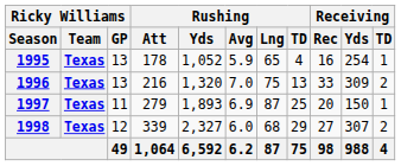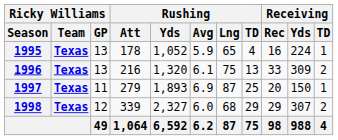 <table class="wikitable" style="text-align:center;">
 <tr>
 <th colspan="3">Ricky Williams</th>
 <th colspan="5">Rushing</th>
 <th colspan="3">Receiving</th>
 </tr>
 <tr>
 <th>Season</th>
 <th>Team</th>
 <th>GP</th>
 <th>Att</th>
 <th>Yds</th>
 <th>Avg</th>
 <th>Lng</th>
 <th>TD</th>
 <th>Rec</th>
 <th>Yds</th>
 <th>TD</th>
 </tr>
 <tr>
 <th><a href='#'>1995</a></th>
 <th><a href='#'>Texas</a></th>
 <td>13</td>
 <td>178</td>
 <td>1,052</td>
 <td>5.9</td>
 <td>65</td>
 <td>4</td>
 <td>16</td>
-<td>254</td>
+<td>224</td>
 <td>1</td>
 </tr>
 <tr>
 <th><a href='#'>1996</a></th>
 <th><a href='#'>Texas</a></th>
 <td>13</td>
 <td>216</td>
 <td>1,320</td>
-<td>7.0</td>
+<td>6.1</td>
 <td>75</td>
 <td>13</td>
 <td>33</td>
 <td>309</td>
 <td>2</td>
 </tr>
 <tr>
 <th><a href='#'>1997</a></th>
 <th><a href='#'>Texas</a></th>
 <td>11</td>
 <td>279</td>
 <td>1,893</td>
 <td>6.9</td>
 <td>87</td>
 <td>25</td>
 <td>20</td>
 <td>150</td>
 <td>1</td>
 </tr>
 <tr>
 <th><a href='#'>1998</a></th>
 <th><a href='#'>Texas</a></th>
 <td>12</td>
 <td>339</td>
 <td>2,327</td>
 <td>6.0</td>
 <td>68</td>
 <td>29</td>
-<td>27</td>
+<td>29</td>
 <td>307</td>
 <td>2</td>
 </tr>
 <tr>
 <th colspan="2"></th>
 <th>49</th>
 <th>1,064</th>
 <th>6,592</th>
 <th>6.2</th>
 <th>87</th>
 <th>75</th>
 <th>98</th>
 <th>988</th>
 <th>4</th>
 </tr>
 </table>
